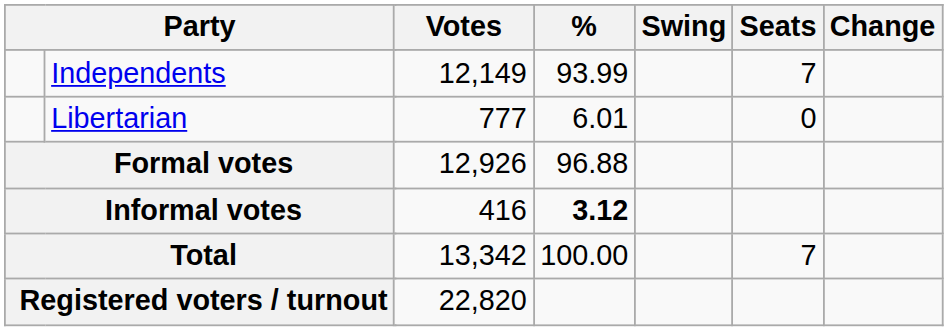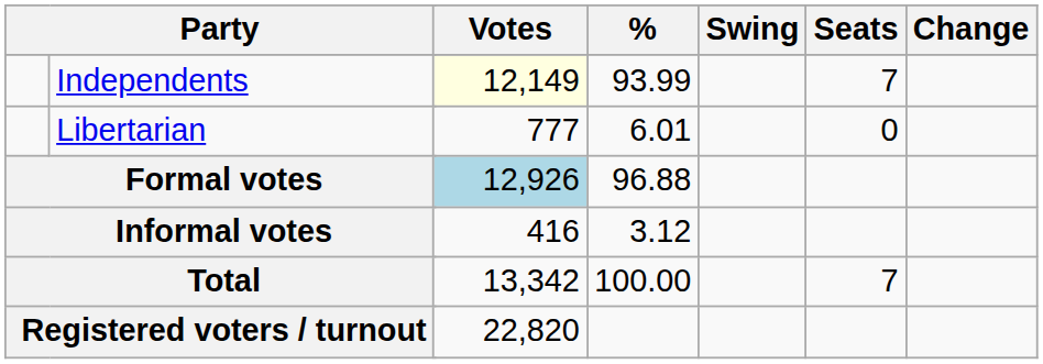 <table class="wikitable" style="text-align:right; margin-bottom:0">
 <tr>
 <th style="width:10px" colspan=3>Party</th>
 <th style="width:70px;">Votes</th>
 <th style="width:40px;">%</th>
 <th style="width:40px;">Swing</th>
 <th style="width:40px;">Seats</th>
 <th style="width:40px;">Change</th>
 </tr>
 <tr>
 <td> </td>
 <td style="text-align:left;" colspan="2"><a href='#'>Independents</a></td>
-<td>12,149</td>
+<td style="background: lightyellow;">12,149</td>
 <td>93.99</td>
 <td></td>
 <td>7</td>
 <td></td>
 </tr>
 <tr>
 <td> </td>
 <td style="text-align:left;" colspan="2"><a href='#'>Libertarian</a></td>
 <td>777</td>
 <td>6.01</td>
 <td></td>
 <td>0</td>
 <td></td>
 </tr>
 <tr>
 <th colspan="3" rowspan="1"> Formal votes</th>
-<td>12,926</td>
+<td style="background: lightblue;">12,926</td>
 <td>96.88</td>
 <td></td>
 <td></td>
 <td></td>
 </tr>
 <tr>
 <th colspan="3" rowspan="1"> Informal votes</th>
 <td>416</td>
-<td><strong>3.12</strong></td>
+<td>3.12</td>
 <td></td>
 <td></td>
 <td></td>
 </tr>
 <tr>
 <th colspan="3" rowspan="1"> Total</th>
 <td>13,342</td>
 <td>100.00</td>
 <td></td>
 <td>7</td>
 <td></td>
 </tr>
 <tr>
 <th colspan="3" rowspan="1"> Registered voters / turnout</th>
 <td>22,820</td>
 <td></td>
 <td></td>
 <td></td>
 <td></td>
 </tr>
 </table>
